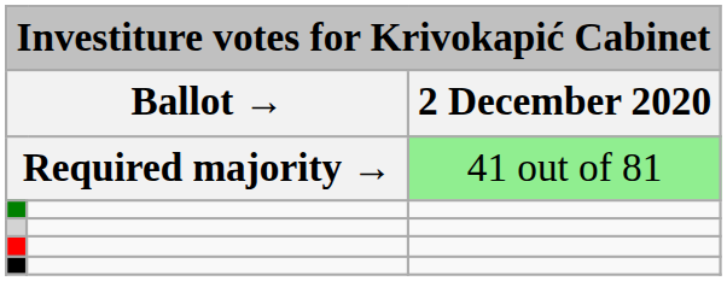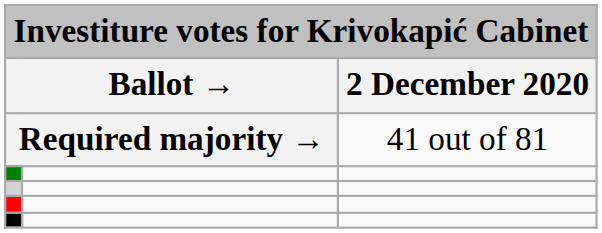 <table class="wikitable" style="text-align:center; font-size:98%;">
 <tr>
 <td colspan="3" bgcolor="#C0C0C0" align="center"><strong>Investiture votes for Krivokapić Cabinet</strong></td>
 </tr>
 <tr>
 <th colspan="2" style="width:150px;">Ballot →</th>
 <th>2 December 2020</th>
 </tr>
 <tr>
 <th colspan="2">Required majority →</th>
-<td style="background: lightgreen;">41 out of 81</td>
+<td>41 out of 81</td>
 </tr>
 <tr>
 <th style="width:1px; background:green;"></th>
 <td style="text-align:left;"></td>
 <td></td>
 </tr>
 <tr>
 <th style="background:lightgrey;"></th>
 <td style="text-align:left;"></td>
 <td></td>
 </tr>
 <tr>
 <th style="background:red;"></th>
 <td style="text-align:left;"></td>
 <td></td>
 </tr>
 <tr>
 <th style="background:black;"></th>
 <td style="text-align:left;"></td>
 <td></td>
 </tr>
 </table>
